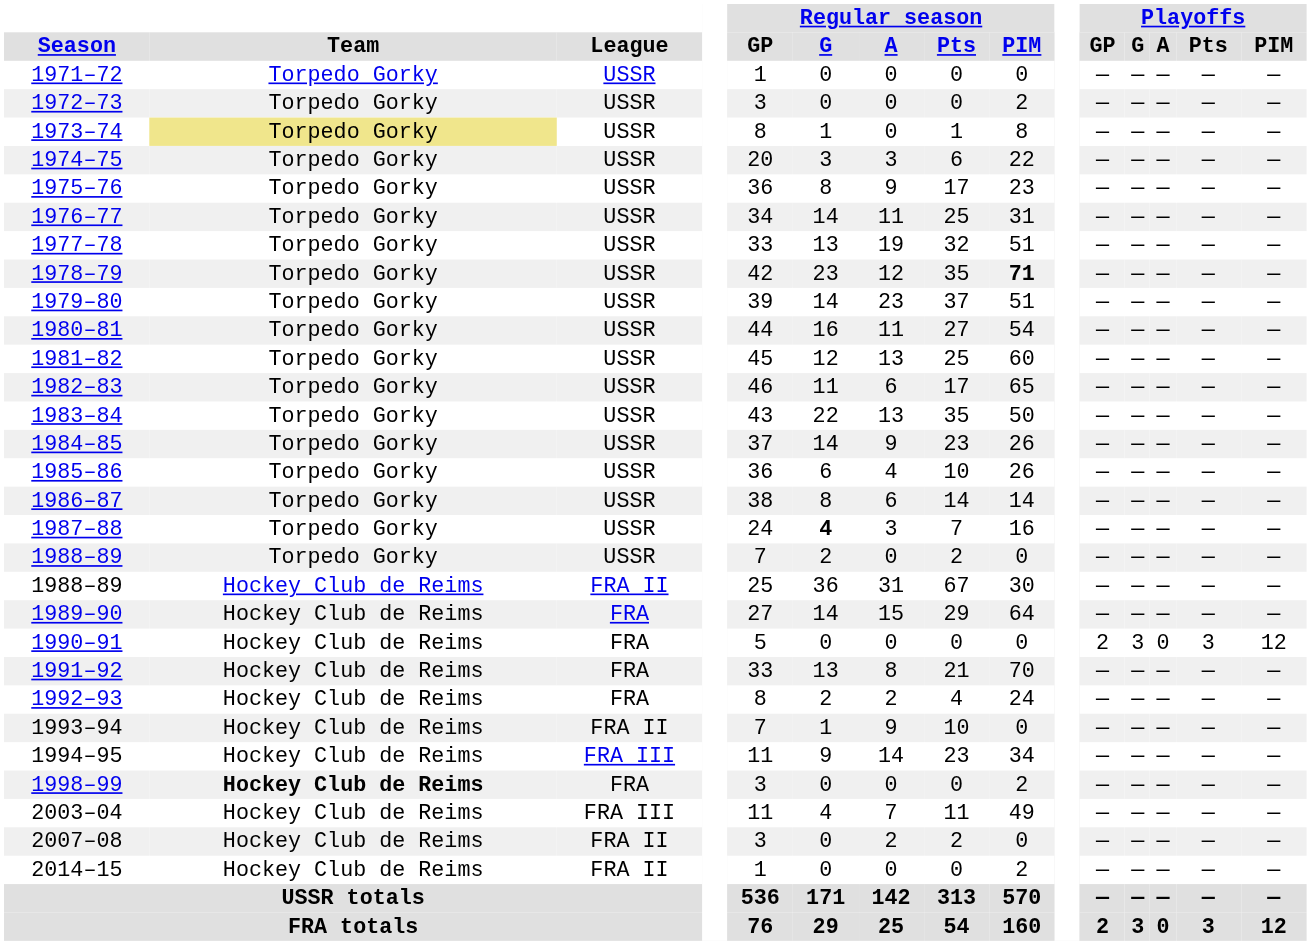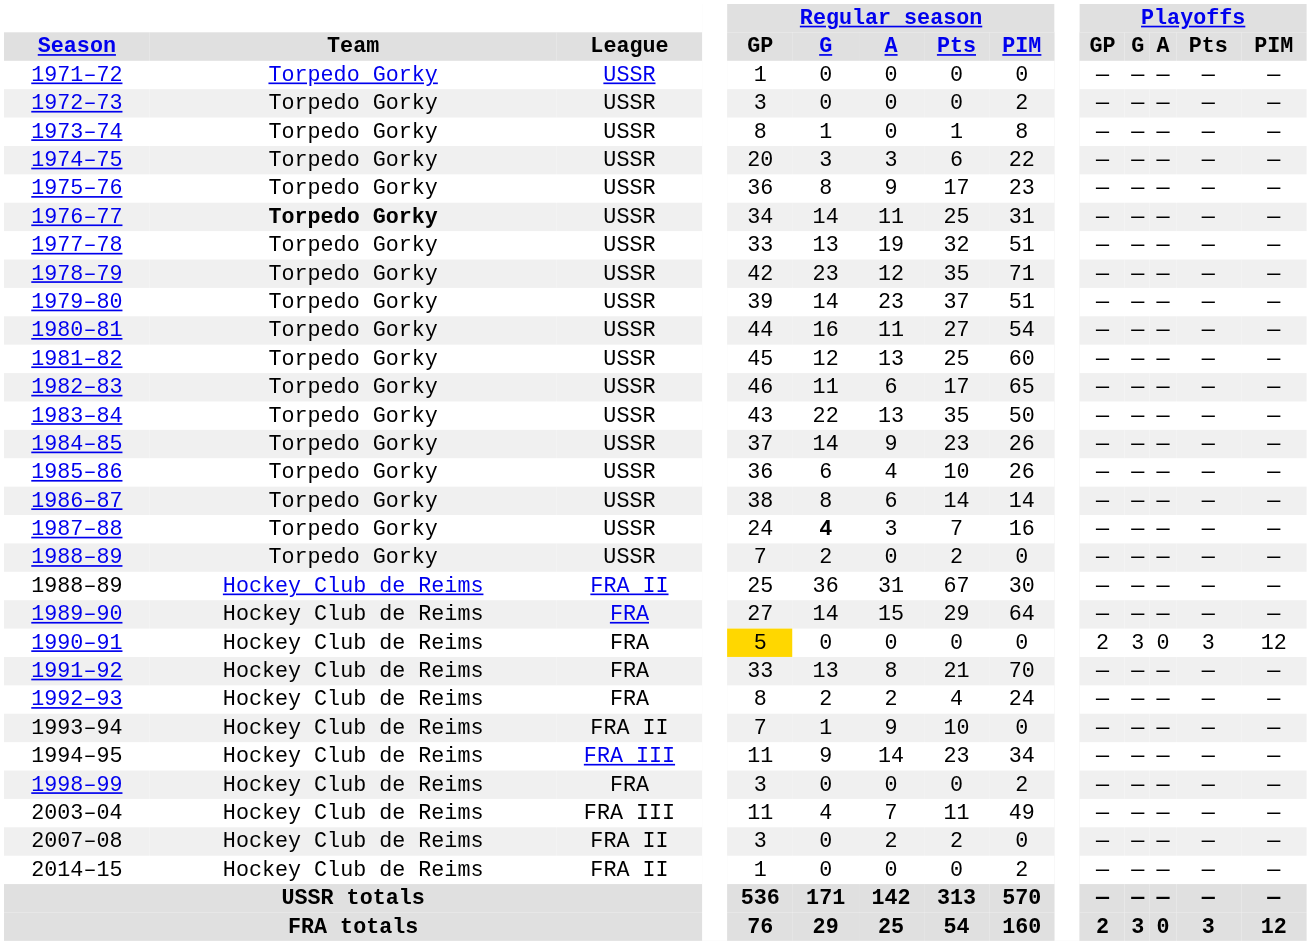 <table border="0" cellpadding="1" cellspacing="0" style="text-align:center; width:60em">
 <tr bgcolor="#e0e0e0">
 <th colspan="3" bgcolor="#ffffff"> </th>
 <th rowspan="99" bgcolor="#ffffff"> </th>
 <th colspan="5"><a href='#'>Regular season</a></th>
 <th rowspan="99" bgcolor="#ffffff"> </th>
 <th colspan="5"><a href='#'>Playoffs</a></th>
 </tr>
 <tr bgcolor="#e0e0e0">
 <th><a href='#'>Season</a></th>
 <th>Team</th>
 <th>League</th>
 <th>GP</th>
 <th><a href='#'>G</a></th>
 <th><a href='#'>A</a></th>
 <th><a href='#'>Pts</a></th>
 <th><a href='#'>PIM</a></th>
 <th>GP</th>
 <th>G</th>
 <th>A</th>
 <th>Pts</th>
 <th>PIM</th>
 </tr>
 <tr>
 <td><a href='#'>1971–72</a></td>
 <td><a href='#'>Torpedo Gorky</a></td>
 <td><a href='#'>USSR</a></td>
 <td>1</td>
 <td>0</td>
 <td>0</td>
 <td>0</td>
 <td>0</td>
 <td>—</td>
 <td>—</td>
 <td>—</td>
 <td>—</td>
 <td>—</td>
 </tr>
 <tr bgcolor="#f0f0f0">
 <td><a href='#'>1972–73</a></td>
 <td>Torpedo Gorky</td>
 <td>USSR</td>
 <td>3</td>
 <td>0</td>
 <td>0</td>
 <td>0</td>
 <td>2</td>
 <td>—</td>
 <td>—</td>
 <td>—</td>
 <td>—</td>
 <td>—</td>
 </tr>
 <tr>
 <td><a href='#'>1973–74</a></td>
-<td style="background: khaki;">Torpedo Gorky</td>
+<td>Torpedo Gorky</td>
 <td>USSR</td>
 <td>8</td>
 <td>1</td>
 <td>0</td>
 <td>1</td>
 <td>8</td>
 <td>—</td>
 <td>—</td>
 <td>—</td>
 <td>—</td>
 <td>—</td>
 </tr>
 <tr bgcolor="#f0f0f0">
 <td><a href='#'>1974–75</a></td>
 <td>Torpedo Gorky</td>
 <td>USSR</td>
 <td>20</td>
 <td>3</td>
 <td>3</td>
 <td>6</td>
 <td>22</td>
 <td>—</td>
 <td>—</td>
 <td>—</td>
 <td>—</td>
 <td>—</td>
 </tr>
 <tr>
 <td><a href='#'>1975–76</a></td>
 <td>Torpedo Gorky</td>
 <td>USSR</td>
 <td>36</td>
 <td>8</td>
 <td>9</td>
 <td>17</td>
 <td>23</td>
 <td>—</td>
 <td>—</td>
 <td>—</td>
 <td>—</td>
 <td>—</td>
 </tr>
 <tr bgcolor="#f0f0f0">
 <td><a href='#'>1976–77</a></td>
-<td>Torpedo Gorky</td>
+<td><strong>Torpedo Gorky</strong></td>
 <td>USSR</td>
 <td>34</td>
 <td>14</td>
 <td>11</td>
 <td>25</td>
 <td>31</td>
 <td>—</td>
 <td>—</td>
 <td>—</td>
 <td>—</td>
 <td>—</td>
 </tr>
 <tr>
 <td><a href='#'>1977–78</a></td>
 <td>Torpedo Gorky</td>
 <td>USSR</td>
 <td>33</td>
 <td>13</td>
 <td>19</td>
 <td>32</td>
 <td>51</td>
 <td>—</td>
 <td>—</td>
 <td>—</td>
 <td>—</td>
 <td>—</td>
 </tr>
 <tr bgcolor="#f0f0f0">
 <td><a href='#'>1978–79</a></td>
 <td>Torpedo Gorky</td>
 <td>USSR</td>
 <td>42</td>
 <td>23</td>
 <td>12</td>
 <td>35</td>
-<td><strong>71</strong></td>
+<td>71</td>
 <td>—</td>
 <td>—</td>
 <td>—</td>
 <td>—</td>
 <td>—</td>
 </tr>
 <tr>
 <td><a href='#'>1979–80</a></td>
 <td>Torpedo Gorky</td>
 <td>USSR</td>
 <td>39</td>
 <td>14</td>
 <td>23</td>
 <td>37</td>
 <td>51</td>
 <td>—</td>
 <td>—</td>
 <td>—</td>
 <td>—</td>
 <td>—</td>
 </tr>
 <tr bgcolor="#f0f0f0">
 <td><a href='#'>1980–81</a></td>
 <td>Torpedo Gorky</td>
 <td>USSR</td>
 <td>44</td>
 <td>16</td>
 <td>11</td>
 <td>27</td>
 <td>54</td>
 <td>—</td>
 <td>—</td>
 <td>—</td>
 <td>—</td>
 <td>—</td>
 </tr>
 <tr>
 <td><a href='#'>1981–82</a></td>
 <td>Torpedo Gorky</td>
 <td>USSR</td>
 <td>45</td>
 <td>12</td>
 <td>13</td>
 <td>25</td>
 <td>60</td>
 <td>—</td>
 <td>—</td>
 <td>—</td>
 <td>—</td>
 <td>—</td>
 </tr>
 <tr bgcolor="#f0f0f0">
 <td><a href='#'>1982–83</a></td>
 <td>Torpedo Gorky</td>
 <td>USSR</td>
 <td>46</td>
 <td>11</td>
 <td>6</td>
 <td>17</td>
 <td>65</td>
 <td>—</td>
 <td>—</td>
 <td>—</td>
 <td>—</td>
 <td>—</td>
 </tr>
 <tr>
 <td><a href='#'>1983–84</a></td>
 <td>Torpedo Gorky</td>
 <td>USSR</td>
 <td>43</td>
 <td>22</td>
 <td>13</td>
 <td>35</td>
 <td>50</td>
 <td>—</td>
 <td>—</td>
 <td>—</td>
 <td>—</td>
 <td>—</td>
 </tr>
 <tr bgcolor="#f0f0f0">
 <td><a href='#'>1984–85</a></td>
 <td>Torpedo Gorky</td>
 <td>USSR</td>
 <td>37</td>
 <td>14</td>
 <td>9</td>
 <td>23</td>
 <td>26</td>
 <td>—</td>
 <td>—</td>
 <td>—</td>
 <td>—</td>
 <td>—</td>
 </tr>
 <tr>
 <td><a href='#'>1985–86</a></td>
 <td>Torpedo Gorky</td>
 <td>USSR</td>
 <td>36</td>
 <td>6</td>
 <td>4</td>
 <td>10</td>
 <td>26</td>
 <td>—</td>
 <td>—</td>
 <td>—</td>
 <td>—</td>
 <td>—</td>
 </tr>
 <tr bgcolor="#f0f0f0">
 <td><a href='#'>1986–87</a></td>
 <td>Torpedo Gorky</td>
 <td>USSR</td>
 <td>38</td>
 <td>8</td>
 <td>6</td>
 <td>14</td>
 <td>14</td>
 <td>—</td>
 <td>—</td>
 <td>—</td>
 <td>—</td>
 <td>—</td>
 </tr>
 <tr>
 <td><a href='#'>1987–88</a></td>
 <td>Torpedo Gorky</td>
 <td>USSR</td>
 <td>24</td>
 <td><strong>4</strong></td>
 <td>3</td>
 <td>7</td>
 <td>16</td>
 <td>—</td>
 <td>—</td>
 <td>—</td>
 <td>—</td>
 <td>—</td>
 </tr>
 <tr bgcolor="#f0f0f0">
 <td><a href='#'>1988–89</a></td>
 <td>Torpedo Gorky</td>
 <td>USSR</td>
 <td>7</td>
 <td>2</td>
 <td>0</td>
 <td>2</td>
 <td>0</td>
 <td>—</td>
 <td>—</td>
 <td>—</td>
 <td>—</td>
 <td>—</td>
 </tr>
 <tr>
 <td>1988–89</td>
 <td><a href='#'>Hockey Club de Reims</a></td>
 <td><a href='#'>FRA II</a></td>
 <td>25</td>
 <td>36</td>
 <td>31</td>
 <td>67</td>
 <td>30</td>
 <td>—</td>
 <td>—</td>
 <td>—</td>
 <td>—</td>
 <td>—</td>
 </tr>
 <tr bgcolor="#f0f0f0">
 <td><a href='#'>1989–90</a></td>
 <td>Hockey Club de Reims</td>
 <td><a href='#'>FRA</a></td>
 <td>27</td>
 <td>14</td>
 <td>15</td>
 <td>29</td>
 <td>64</td>
 <td>—</td>
 <td>—</td>
 <td>—</td>
 <td>—</td>
 <td>—</td>
 </tr>
 <tr>
 <td><a href='#'>1990–91</a></td>
 <td>Hockey Club de Reims</td>
 <td>FRA</td>
-<td>5</td>
+<td style="background: gold;">5</td>
 <td>0</td>
 <td>0</td>
 <td>0</td>
 <td>0</td>
 <td>2</td>
 <td>3</td>
 <td>0</td>
 <td>3</td>
 <td>12</td>
 </tr>
 <tr bgcolor="#f0f0f0">
 <td><a href='#'>1991–92</a></td>
 <td>Hockey Club de Reims</td>
 <td>FRA</td>
 <td>33</td>
 <td>13</td>
 <td>8</td>
 <td>21</td>
 <td>70</td>
 <td>—</td>
 <td>—</td>
 <td>—</td>
 <td>—</td>
 <td>—</td>
 </tr>
 <tr>
 <td><a href='#'>1992–93</a></td>
 <td>Hockey Club de Reims</td>
 <td>FRA</td>
 <td>8</td>
 <td>2</td>
 <td>2</td>
 <td>4</td>
 <td>24</td>
 <td>—</td>
 <td>—</td>
 <td>—</td>
 <td>—</td>
 <td>—</td>
 </tr>
 <tr bgcolor="#f0f0f0">
 <td>1993–94</td>
 <td>Hockey Club de Reims</td>
 <td>FRA II</td>
 <td>7</td>
 <td>1</td>
 <td>9</td>
 <td>10</td>
 <td>0</td>
 <td>—</td>
 <td>—</td>
 <td>—</td>
 <td>—</td>
 <td>—</td>
 </tr>
 <tr>
 <td>1994–95</td>
 <td>Hockey Club de Reims</td>
 <td><a href='#'>FRA III</a></td>
 <td>11</td>
 <td>9</td>
 <td>14</td>
 <td>23</td>
 <td>34</td>
 <td>—</td>
 <td>—</td>
 <td>—</td>
 <td>—</td>
 <td>—</td>
 </tr>
 <tr bgcolor="#f0f0f0">
 <td><a href='#'>1998–99</a></td>
-<td><strong>Hockey Club de Reims</strong></td>
+<td>Hockey Club de Reims</td>
 <td>FRA</td>
 <td>3</td>
 <td>0</td>
 <td>0</td>
 <td>0</td>
 <td>2</td>
 <td>—</td>
 <td>—</td>
 <td>—</td>
 <td>—</td>
 <td>—</td>
 </tr>
 <tr>
 <td>2003–04</td>
 <td>Hockey Club de Reims</td>
 <td>FRA III</td>
 <td>11</td>
 <td>4</td>
 <td>7</td>
 <td>11</td>
 <td>49</td>
 <td>—</td>
 <td>—</td>
 <td>—</td>
 <td>—</td>
 <td>—</td>
 </tr>
 <tr bgcolor="#f0f0f0">
 <td>2007–08</td>
 <td>Hockey Club de Reims</td>
 <td>FRA II</td>
 <td>3</td>
 <td>0</td>
 <td>2</td>
 <td>2</td>
 <td>0</td>
 <td>—</td>
 <td>—</td>
 <td>—</td>
 <td>—</td>
 <td>—</td>
 </tr>
 <tr>
 <td>2014–15</td>
 <td>Hockey Club de Reims</td>
 <td>FRA II</td>
 <td>1</td>
 <td>0</td>
 <td>0</td>
 <td>0</td>
 <td>2</td>
 <td>—</td>
 <td>—</td>
 <td>—</td>
 <td>—</td>
 <td>—</td>
 </tr>
 <tr bgcolor="#e0e0e0">
 <th colspan="3">USSR totals</th>
 <th>536</th>
 <th>171</th>
 <th>142</th>
 <th>313</th>
 <th>570</th>
 <th>—</th>
 <th>—</th>
 <th>—</th>
 <th>—</th>
 <th>—</th>
 </tr>
 <tr bgcolor="#e0e0e0">
 <th colspan="3">FRA totals</th>
 <th>76</th>
 <th>29</th>
 <th>25</th>
 <th>54</th>
 <th>160</th>
 <th>2</th>
 <th>3</th>
 <th>0</th>
 <th>3</th>
 <th>12</th>
 </tr>
 </table>
